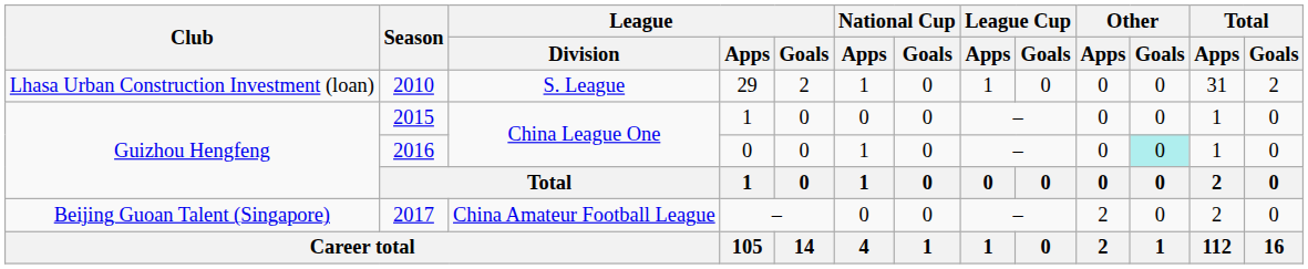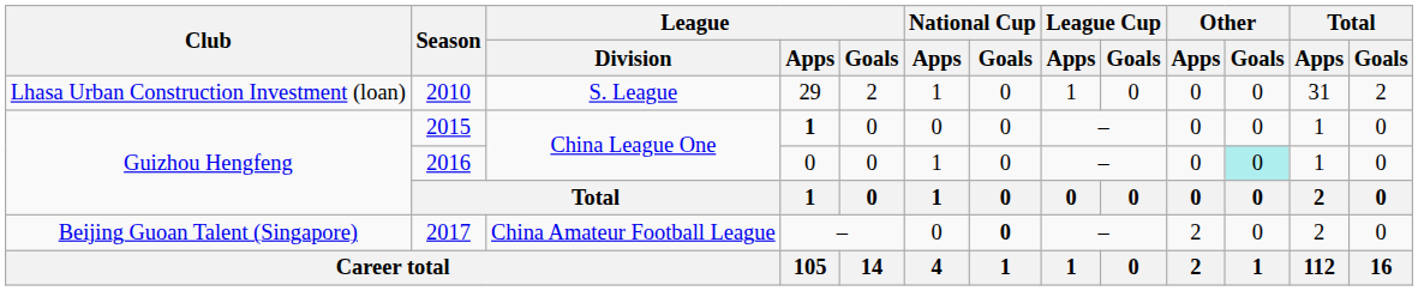 <table class="wikitable" style="text-align: center">
 <tr>
 <th rowspan="2">Club</th>
 <th rowspan="2">Season</th>
 <th colspan="3">League</th>
 <th colspan="2">National Cup</th>
 <th colspan="2">League Cup</th>
 <th colspan="2">Other</th>
 <th colspan="2">Total</th>
 </tr>
 <tr>
 <th>Division</th>
 <th>Apps</th>
 <th>Goals</th>
 <th>Apps</th>
 <th>Goals</th>
 <th>Apps</th>
 <th>Goals</th>
 <th>Apps</th>
 <th>Goals</th>
 <th>Apps</th>
 <th>Goals</th>
 </tr>
 <tr>
 <td><a href='#'>Lhasa Urban Construction Investment</a> (loan)</td>
 <td><a href='#'>2010</a></td>
 <td><a href='#'>S. League</a></td>
 <td>29</td>
 <td>2</td>
 <td>1</td>
 <td>0</td>
 <td>1</td>
 <td>0</td>
 <td>0</td>
 <td>0</td>
 <td>31</td>
 <td>2</td>
 </tr>
 <tr>
 <td rowspan="3"><a href='#'>Guizhou Hengfeng</a></td>
 <td><a href='#'>2015</a></td>
 <td rowspan="2"><a href='#'>China League One</a></td>
-<td>1</td>
+<td><strong>1</strong></td>
 <td>0</td>
 <td>0</td>
 <td>0</td>
 <td colspan="2">–</td>
 <td>0</td>
 <td>0</td>
 <td>1</td>
 <td>0</td>
 </tr>
 <tr>
 <td><a href='#'>2016</a></td>
 <td>0</td>
 <td>0</td>
 <td>1</td>
 <td>0</td>
 <td colspan="2">–</td>
 <td>0</td>
 <td style="background: paleturquoise;">0</td>
 <td>1</td>
 <td>0</td>
 </tr>
 <tr>
 <th colspan=2>Total</th>
 <th>1</th>
 <th>0</th>
 <th>1</th>
 <th>0</th>
 <th>0</th>
 <th>0</th>
 <th>0</th>
 <th>0</th>
 <th>2</th>
 <th>0</th>
 </tr>
 <tr>
 <td><a href='#'>Beijing Guoan Talent (Singapore)</a></td>
 <td><a href='#'>2017</a></td>
 <td><a href='#'>China Amateur Football League</a></td>
 <td colspan="2">–</td>
 <td>0</td>
-<td>0</td>
+<td><strong>0</strong></td>
 <td colspan="2">–</td>
 <td>2</td>
 <td>0</td>
 <td>2</td>
 <td>0</td>
 </tr>
 <tr>
 <th colspan=3>Career total</th>
 <th>105</th>
 <th>14</th>
 <th>4</th>
 <th>1</th>
 <th>1</th>
 <th>0</th>
 <th>2</th>
 <th>1</th>
 <th>112</th>
 <th>16</th>
 </tr>
 </table>
